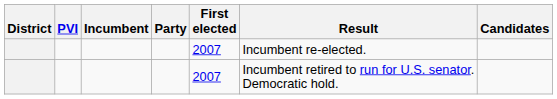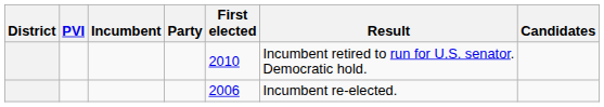 <table class="wikitable sortable">
 <tr valign=bottom>
 <th>District</th>
 <th><a href='#'>PVI</a></th>
 <th>Incumbent</th>
 <th>Party</th>
 <th>First<br>elected</th>
 <th>Result</th>
 <th>Candidates</th>
 </tr>
 <tr>
 <th></th>
 <td></td>
 <td></td>
 <td></td>
-<td><a href='#'>2007</a></td>
-<td>Incumbent re-elected.</td>
+<td><a href='#'>2010</a></td>
+<td>Incumbent retired to <a href='#'>run for U.S. senator</a>.<br>Democratic hold.</td>
 <td nowrap></td>
 </tr>
 <tr>
 <th></th>
 <td></td>
 <td></td>
 <td></td>
-<td><a href='#'>2007</a></td>
-<td>Incumbent retired to <a href='#'>run for U.S. senator</a>.<br>Democratic hold.</td>
+<td><a href='#'>2006</a></td>
+<td>Incumbent re-elected.</td>
 <td nowrap></td>
 </tr>
 </table>
